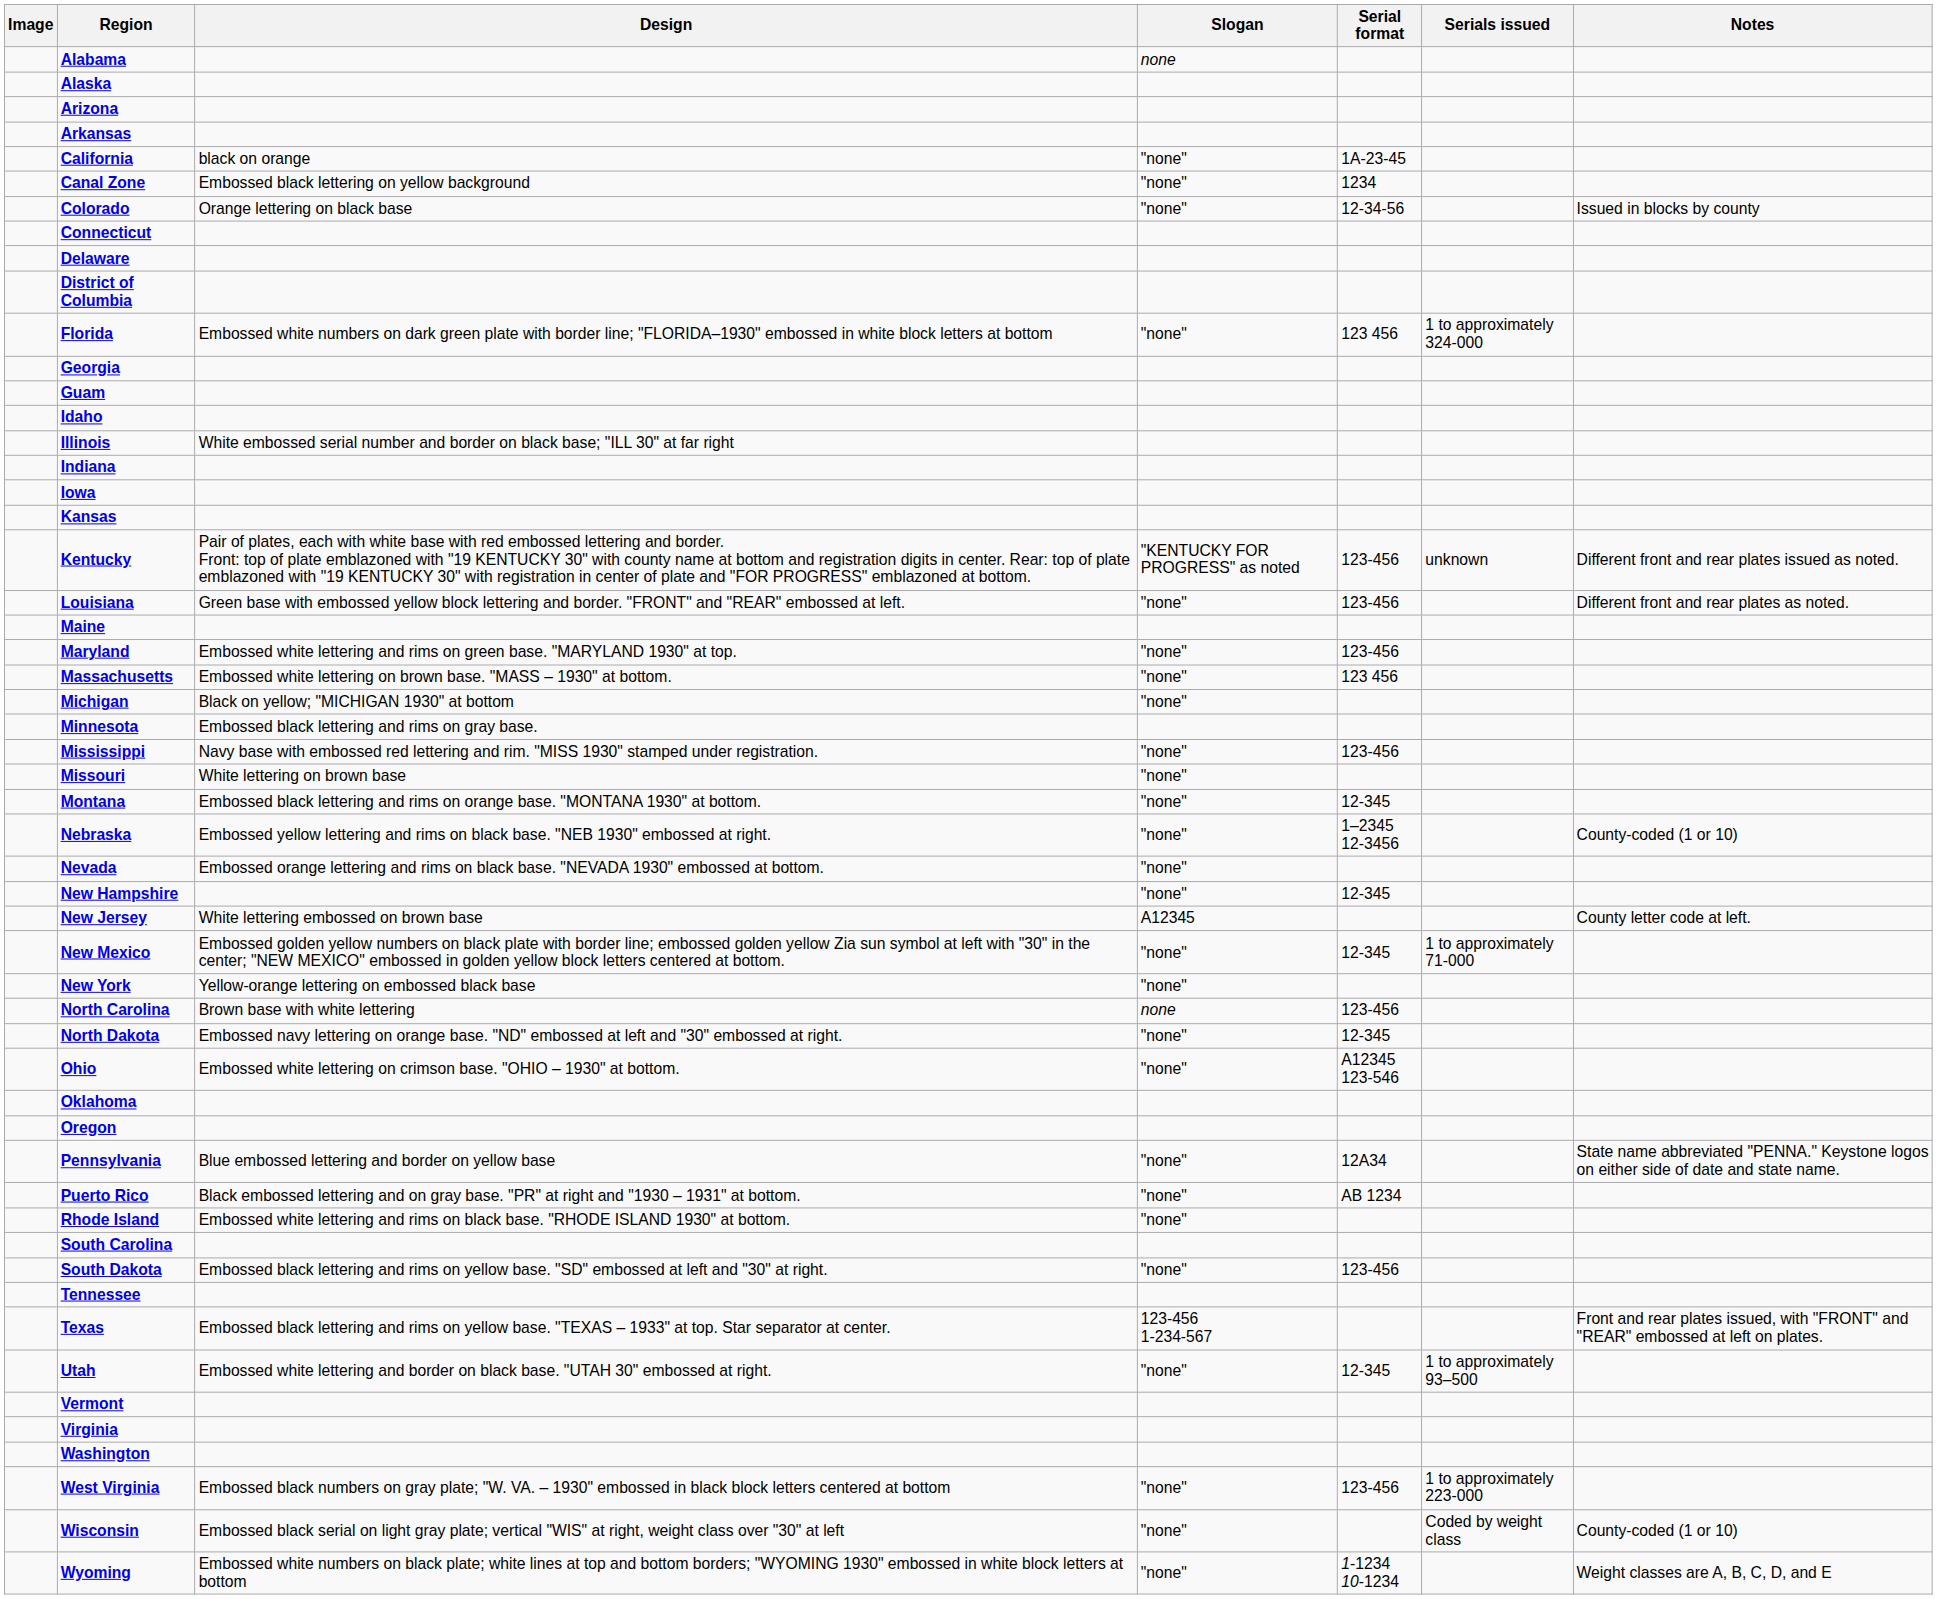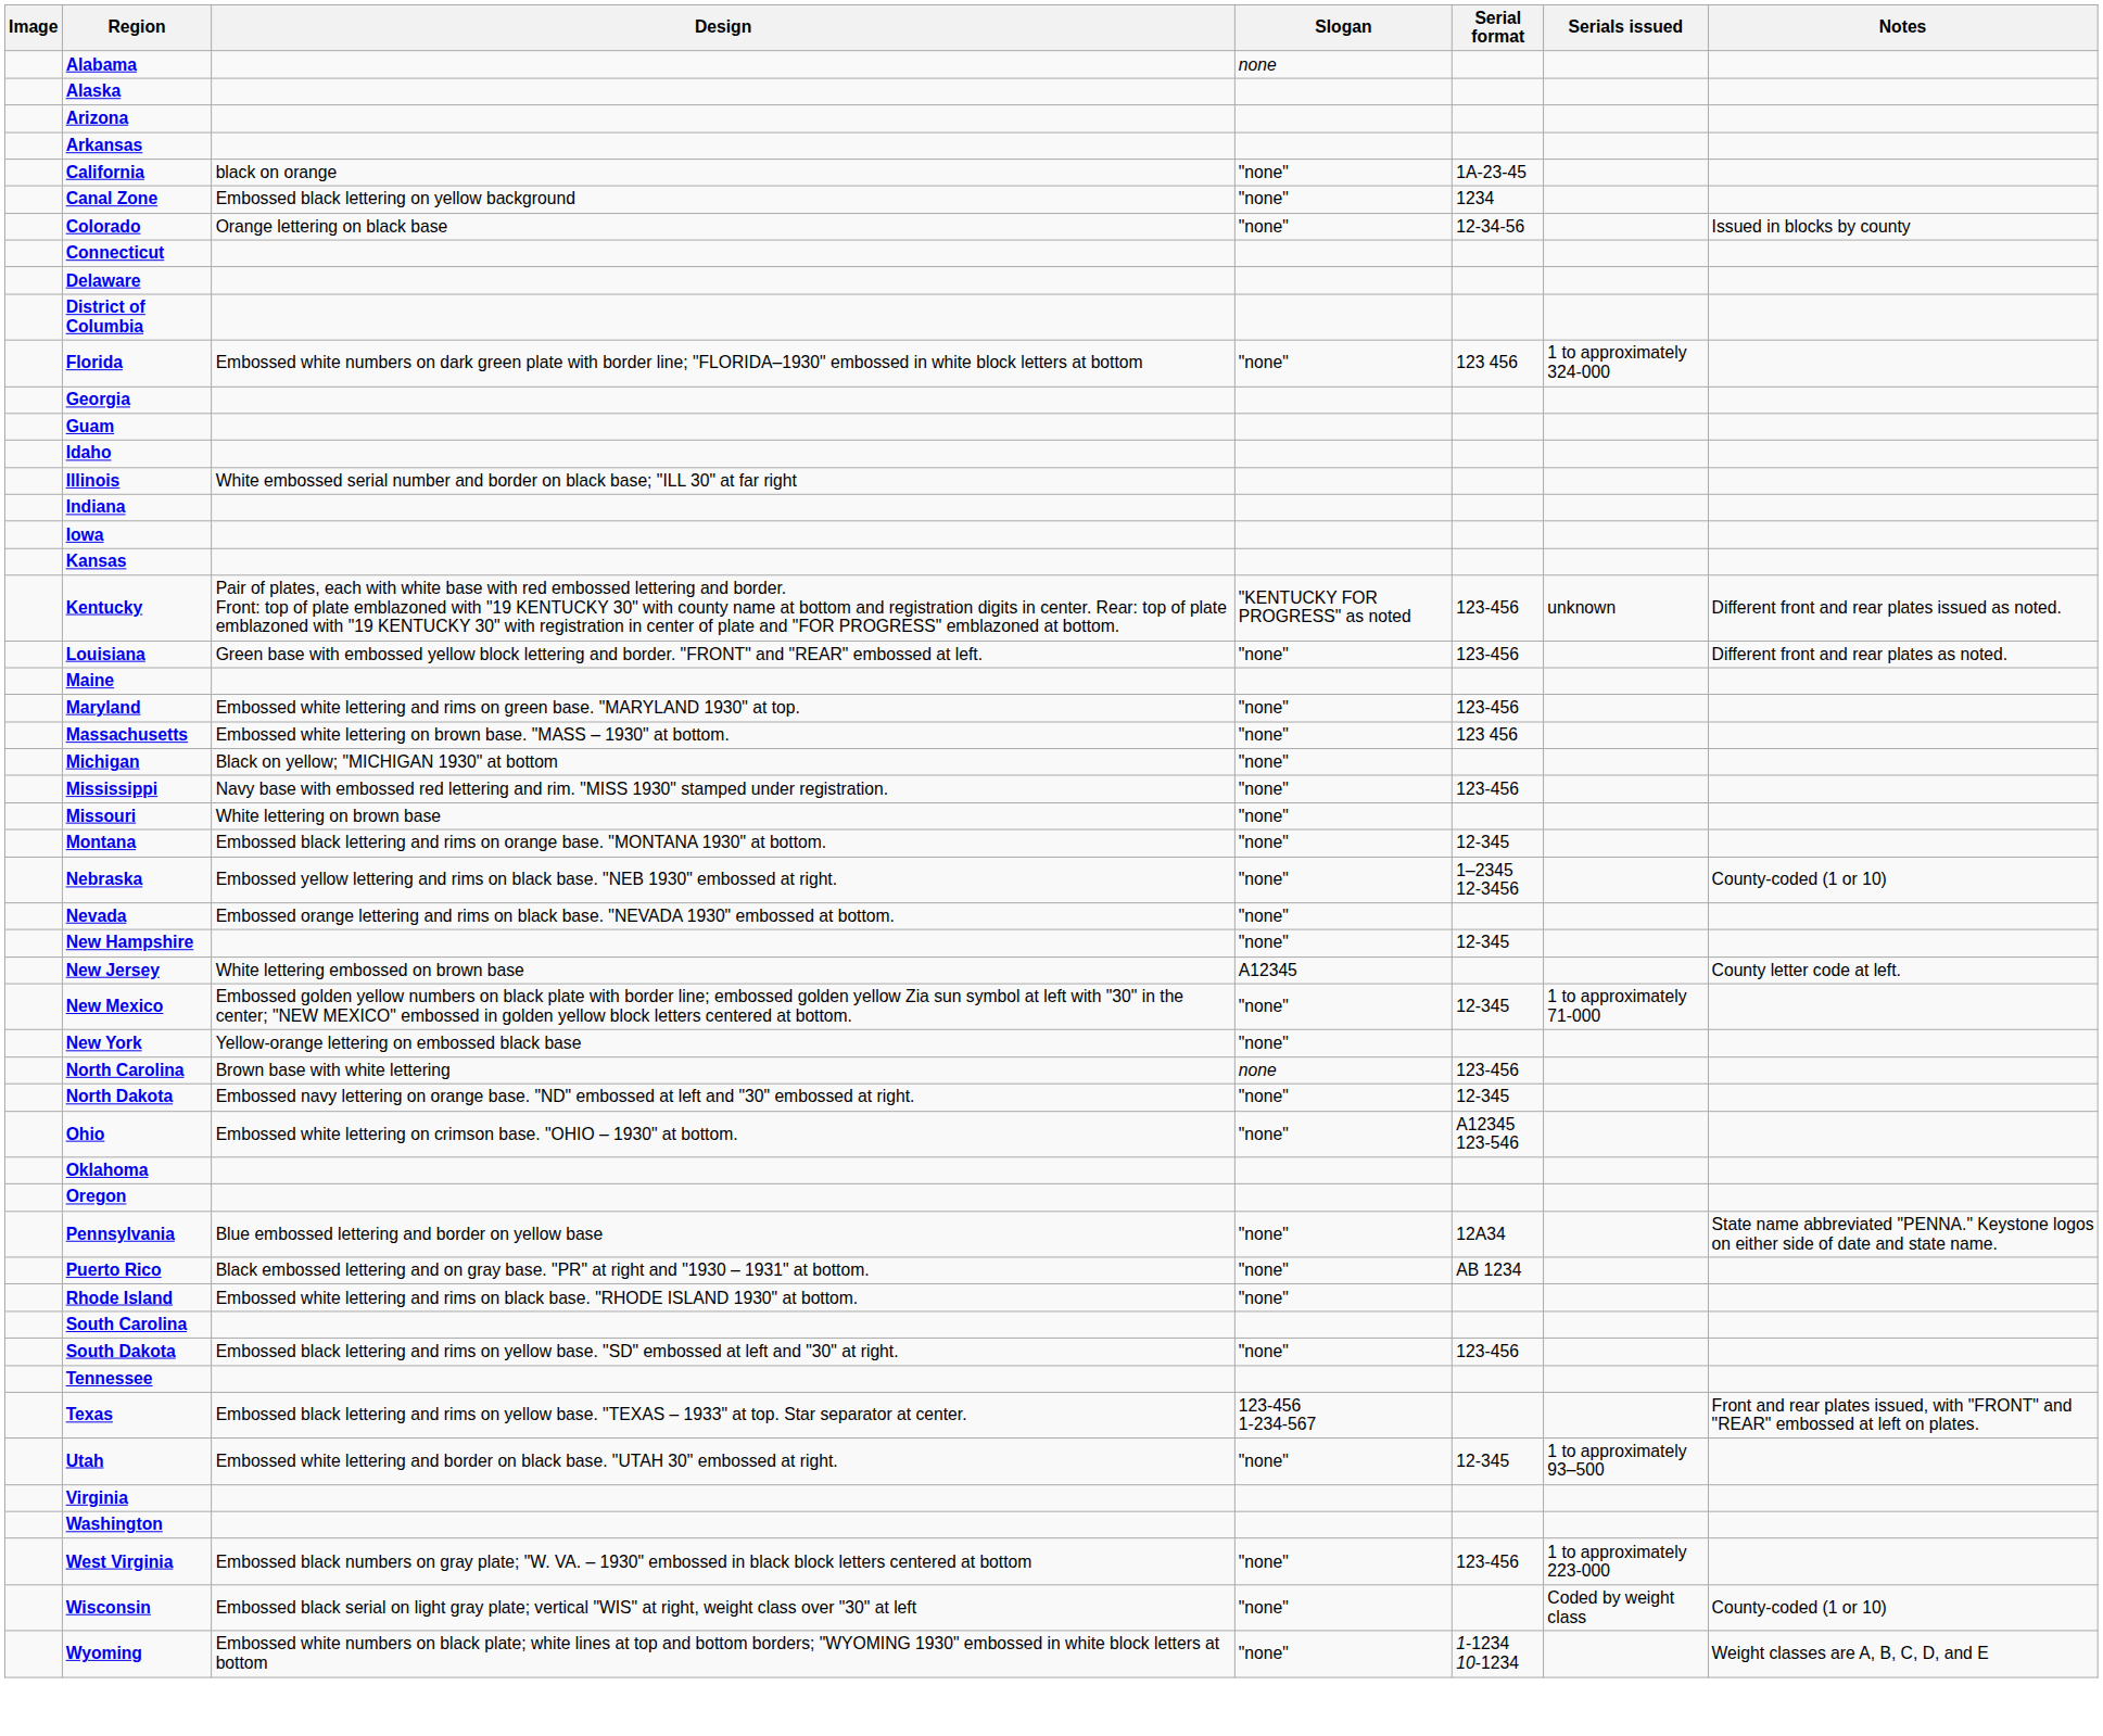 <table class="wikitable">
 <tr>
 <th>Image</th>
 <th>Region</th>
 <th>Design</th>
 <th>Slogan</th>
 <th>Serial format</th>
 <th>Serials issued</th>
 <th>Notes</th>
 </tr>
 <tr>
 <td></td>
 <td><strong><a href='#'>Alabama</a></strong></td>
 <td></td>
 <td><em>none</em></td>
 <td></td>
 <td></td>
 <td></td>
 </tr>
 <tr>
 <td></td>
 <td><strong><a href='#'>Alaska</a></strong></td>
 <td></td>
 <td></td>
 <td></td>
 <td></td>
 <td></td>
 </tr>
 <tr>
 <td></td>
 <td><strong><a href='#'>Arizona</a></strong></td>
 <td></td>
 <td></td>
 <td></td>
 <td></td>
 <td></td>
 </tr>
 <tr>
 <td></td>
 <td><strong><a href='#'>Arkansas</a></strong></td>
 <td></td>
 <td></td>
 <td></td>
 <td></td>
 <td></td>
 </tr>
 <tr>
 <td></td>
 <td><strong><a href='#'>California</a></strong></td>
 <td>black on orange</td>
 <td>"none"</td>
 <td>1A-23-45</td>
 <td></td>
 <td></td>
 </tr>
 <tr>
 <td></td>
 <td><strong><a href='#'>Canal Zone</a></strong></td>
 <td>Embossed black lettering on yellow background</td>
 <td>"none"</td>
 <td>1234</td>
 <td></td>
 <td></td>
 </tr>
 <tr>
 <td></td>
 <td><strong><a href='#'>Colorado</a></strong></td>
 <td>Orange lettering on black base</td>
 <td>"none"</td>
 <td>12-34-56</td>
 <td></td>
 <td>Issued in blocks by county</td>
 </tr>
 <tr>
 <td></td>
 <td><strong><a href='#'>Connecticut</a></strong></td>
 <td></td>
 <td></td>
 <td></td>
 <td></td>
 <td></td>
 </tr>
 <tr>
 <td></td>
 <td><strong><a href='#'>Delaware</a></strong></td>
 <td></td>
 <td></td>
 <td></td>
 <td></td>
 <td></td>
 </tr>
 <tr>
 <td></td>
 <td><strong><a href='#'>District of Columbia</a></strong></td>
 <td></td>
 <td></td>
 <td></td>
 <td></td>
 <td></td>
 </tr>
 <tr>
 <td></td>
 <td><strong><a href='#'>Florida</a></strong></td>
 <td>Embossed white numbers on dark green plate with border line; "FLORIDA–1930" embossed in white block letters at bottom</td>
 <td>"none"</td>
 <td>123 456</td>
 <td>1 to approximately 324-000</td>
 <td></td>
 </tr>
 <tr>
 <td></td>
 <td><strong><a href='#'>Georgia</a></strong></td>
 <td></td>
 <td></td>
 <td></td>
 <td></td>
 <td></td>
 </tr>
 <tr>
 <td></td>
 <td><strong><a href='#'>Guam</a></strong></td>
 <td></td>
 <td></td>
 <td></td>
 <td></td>
 <td></td>
 </tr>
 <tr>
 <td></td>
 <td><strong><a href='#'>Idaho</a></strong></td>
 <td></td>
 <td></td>
 <td></td>
 <td></td>
 <td></td>
 </tr>
 <tr>
 <td></td>
 <td><strong><a href='#'>Illinois</a></strong></td>
 <td>White embossed serial number and border on black base; "ILL 30" at far right</td>
 <td></td>
 <td></td>
 <td></td>
 <td></td>
 </tr>
 <tr>
 <td></td>
 <td><strong><a href='#'>Indiana</a></strong></td>
 <td></td>
 <td></td>
 <td></td>
 <td></td>
 <td></td>
 </tr>
 <tr>
 <td></td>
 <td><strong><a href='#'>Iowa</a></strong></td>
 <td></td>
 <td></td>
 <td></td>
 <td></td>
 <td></td>
 </tr>
 <tr>
 <td></td>
 <td><strong><a href='#'>Kansas</a></strong></td>
 <td></td>
 <td></td>
 <td></td>
 <td></td>
 <td></td>
 </tr>
 <tr>
 <td></td>
 <td><strong><a href='#'>Kentucky</a></strong></td>
 <td>Pair of plates, each with white base with red embossed lettering and border.<br>Front: top of plate emblazoned with "19 KENTUCKY 30" with county name at bottom and registration digits in center. Rear: top of plate emblazoned with "19 KENTUCKY 30" with registration in center of plate and "FOR PROGRESS" emblazoned at bottom.</td>
 <td>"KENTUCKY FOR PROGRESS" as noted</td>
 <td>123-456</td>
 <td>unknown</td>
 <td>Different front and rear plates issued as noted.</td>
 </tr>
 <tr>
 <td></td>
 <td><strong><a href='#'>Louisiana</a></strong></td>
 <td>Green base with embossed yellow block lettering and border. "FRONT" and "REAR" embossed at left.</td>
 <td>"none"</td>
 <td>123-456</td>
 <td></td>
 <td>Different front and rear plates as noted.</td>
 </tr>
 <tr>
 <td></td>
 <td><strong><a href='#'>Maine</a></strong></td>
 <td></td>
 <td></td>
 <td></td>
 <td></td>
 <td></td>
 </tr>
 <tr>
 <td></td>
 <td><strong><a href='#'>Maryland</a></strong></td>
 <td>Embossed white lettering and rims on green base. "MARYLAND 1930" at top.</td>
 <td>"none"</td>
 <td>123-456</td>
 <td></td>
 <td></td>
 </tr>
 <tr>
 <td></td>
 <td><strong><a href='#'>Massachusetts</a></strong></td>
 <td>Embossed white lettering on brown base. "MASS – 1930" at bottom.</td>
 <td>"none"</td>
 <td>123 456</td>
 <td></td>
 <td></td>
 </tr>
 <tr>
 <td></td>
 <td><strong><a href='#'>Michigan</a></strong></td>
 <td>Black on yellow; "MICHIGAN 1930" at bottom</td>
 <td>"none"</td>
 <td></td>
 <td></td>
 <td></td>
 </tr>
 <tr>
 <td></td>
-<td><strong><a href='#'>Minnesota</a></strong></td>
-<td>Embossed black lettering and rims on gray base.</td>
-<td></td>
-<td></td>
-<td></td>
-<td></td>
-</tr>
-<tr>
-<td></td>
 <td><strong><a href='#'>Mississippi</a></strong></td>
 <td>Navy base with embossed red lettering and rim. "MISS 1930" stamped under registration.</td>
 <td>"none"</td>
 <td>123-456</td>
 <td></td>
 <td></td>
 </tr>
 <tr>
 <td></td>
 <td><strong><a href='#'>Missouri</a></strong></td>
 <td>White lettering on brown base</td>
 <td>"none"</td>
 <td></td>
 <td></td>
 <td></td>
 </tr>
 <tr>
 <td></td>
 <td><strong><a href='#'>Montana</a></strong></td>
 <td>Embossed black lettering and rims on orange base. "MONTANA 1930" at bottom.</td>
 <td>"none"</td>
 <td>12-345</td>
 <td></td>
 <td></td>
 </tr>
 <tr>
 <td></td>
 <td><strong><a href='#'>Nebraska</a></strong></td>
 <td>Embossed yellow lettering and rims on black base. "NEB 1930" embossed at right.</td>
 <td>"none"</td>
 <td>1–2345<br>12-3456</td>
 <td></td>
 <td>County-coded (1 or 10)</td>
 </tr>
 <tr>
 <td></td>
 <td><strong><a href='#'>Nevada</a></strong></td>
 <td>Embossed orange lettering and rims on black base. "NEVADA 1930" embossed at bottom.</td>
 <td>"none"</td>
 <td></td>
 <td></td>
 <td></td>
 </tr>
 <tr>
 <td></td>
 <td><strong><a href='#'>New Hampshire</a></strong></td>
 <td></td>
 <td>"none"</td>
 <td>12-345</td>
 <td></td>
 <td></td>
 </tr>
 <tr>
 <td></td>
 <td><strong><a href='#'>New Jersey</a></strong></td>
 <td>White lettering embossed on brown base</td>
 <td>A12345</td>
 <td></td>
 <td></td>
 <td>County letter code at left.</td>
 </tr>
 <tr>
 <td></td>
 <td><strong><a href='#'>New Mexico</a></strong></td>
 <td>Embossed golden yellow numbers on black plate with border line; embossed golden yellow Zia sun symbol at left with "30" in the center; "NEW MEXICO" embossed in golden yellow block letters centered at bottom.</td>
 <td>"none"</td>
 <td>12-345</td>
 <td>1 to approximately 71-000</td>
 <td></td>
 </tr>
 <tr>
 <td></td>
 <td><strong><a href='#'>New York</a></strong></td>
 <td>Yellow-orange lettering on embossed black base</td>
 <td>"none"</td>
 <td></td>
 <td></td>
 <td></td>
 </tr>
 <tr>
 <td></td>
 <td><strong><a href='#'>North Carolina</a></strong></td>
 <td>Brown base with white lettering</td>
 <td><em>none</em></td>
 <td>123-456</td>
 <td></td>
 <td></td>
 </tr>
 <tr>
 <td></td>
 <td><strong><a href='#'>North Dakota</a></strong></td>
 <td>Embossed navy lettering on orange base. "ND" embossed at left and "30" embossed at right.</td>
 <td>"none"</td>
 <td>12-345</td>
 <td></td>
 <td></td>
 </tr>
 <tr>
 <td></td>
 <td><strong><a href='#'>Ohio</a></strong></td>
 <td>Embossed white lettering on crimson base. "OHIO – 1930" at bottom.</td>
 <td>"none"</td>
 <td>A12345<br>123-546</td>
 <td></td>
 <td></td>
 </tr>
 <tr>
 <td></td>
 <td><strong><a href='#'>Oklahoma</a></strong></td>
 <td></td>
 <td></td>
 <td></td>
 <td></td>
 <td></td>
 </tr>
 <tr>
 <td></td>
 <td><strong><a href='#'>Oregon</a></strong></td>
 <td></td>
 <td></td>
 <td></td>
 <td></td>
 <td></td>
 </tr>
 <tr>
 <td></td>
 <td><strong><a href='#'>Pennsylvania</a></strong></td>
 <td>Blue embossed lettering and border on yellow base</td>
 <td>"none"</td>
 <td>12A34</td>
 <td></td>
 <td>State name abbreviated "PENNA." Keystone logos on either side of date and state name.</td>
 </tr>
 <tr>
 <td></td>
 <td><strong><a href='#'>Puerto Rico</a></strong></td>
 <td>Black embossed lettering and on gray base. "PR" at right and "1930 – 1931" at bottom.</td>
 <td>"none"</td>
 <td>AB 1234</td>
 <td></td>
 <td></td>
 </tr>
 <tr>
 <td></td>
 <td><strong><a href='#'>Rhode Island</a></strong></td>
 <td>Embossed white lettering and rims on black base. "RHODE ISLAND 1930" at bottom.</td>
 <td>"none"</td>
 <td></td>
 <td></td>
 <td></td>
 </tr>
 <tr>
 <td></td>
 <td><strong><a href='#'>South Carolina</a></strong></td>
 <td></td>
 <td></td>
 <td></td>
 <td></td>
 <td></td>
 </tr>
 <tr>
 <td></td>
 <td><strong><a href='#'>South Dakota</a></strong></td>
 <td>Embossed black lettering and rims on yellow base. "SD" embossed at left and "30" at right.</td>
 <td>"none"</td>
 <td>123-456</td>
 <td></td>
 <td></td>
 </tr>
 <tr>
 <td></td>
 <td><strong><a href='#'>Tennessee</a></strong></td>
 <td></td>
 <td></td>
 <td></td>
 <td></td>
 <td></td>
 </tr>
 <tr>
 <td><br><br></td>
 <td><strong><a href='#'>Texas</a></strong></td>
 <td>Embossed black lettering and rims on yellow base. "TEXAS – 1933" at top. Star separator at center.</td>
 <td>123-456<br>1-234-567</td>
 <td></td>
 <td></td>
 <td>Front and rear plates issued, with "FRONT" and "REAR" embossed at left on plates.</td>
 </tr>
 <tr>
 <td></td>
 <td><strong><a href='#'>Utah</a></strong></td>
 <td>Embossed white lettering and border on black base. "UTAH 30" embossed at right.</td>
 <td>"none"</td>
 <td>12-345</td>
 <td>1 to approximately 93–500</td>
 <td></td>
 </tr>
 <tr>
 <td></td>
-<td><strong><a href='#'>Vermont</a></strong></td>
-<td></td>
-<td></td>
-<td></td>
-<td></td>
-<td></td>
-</tr>
-<tr>
-<td></td>
 <td><strong><a href='#'>Virginia</a></strong></td>
 <td></td>
 <td></td>
 <td></td>
 <td></td>
 <td></td>
 </tr>
 <tr>
 <td></td>
 <td><strong><a href='#'>Washington</a></strong></td>
 <td></td>
 <td></td>
 <td></td>
 <td></td>
 <td></td>
 </tr>
 <tr>
 <td></td>
 <td><strong><a href='#'>West Virginia</a></strong></td>
 <td>Embossed black numbers on gray plate; "W. VA. – 1930" embossed in black block letters centered at bottom</td>
 <td>"none"</td>
 <td>123-456</td>
 <td>1 to approximately 223-000</td>
 <td></td>
 </tr>
 <tr>
 <td></td>
 <td><strong><a href='#'>Wisconsin</a></strong></td>
 <td>Embossed black serial on light gray plate; vertical "WIS" at right, weight class over "30" at left</td>
 <td>"none"</td>
 <td></td>
 <td>Coded by weight class</td>
 <td>County-coded (1 or 10)</td>
 </tr>
 <tr>
 <td></td>
 <td><strong><a href='#'>Wyoming</a></strong></td>
 <td>Embossed white numbers on black plate; white lines at top and bottom borders; "WYOMING 1930" embossed in white block letters at bottom</td>
 <td>"none"</td>
 <td><em>1</em>-1234<br><em>10</em>-1234</td>
 <td></td>
 <td>Weight classes are A, B, C, D, and E</td>
 </tr>
 </table>
